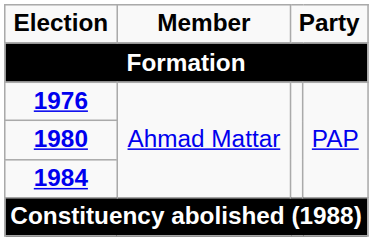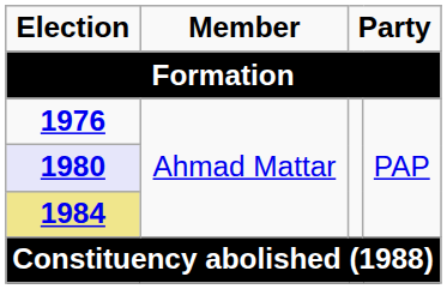 <table class="wikitable" style="text-align:center">
 <tr>
 <td><strong>Election </strong></td>
 <td><strong>Member</strong></td>
 <td colspan="2"><strong>Party</strong></td>
 </tr>
 <tr>
 <td colspan=4 style="background:black; color:white;"><strong>Formation</strong></td>
 </tr>
 <tr>
 <td><strong><a href='#'>1976</a></strong></td>
 <td rowspan="3"><a href='#'>Ahmad Mattar</a></td>
 <td rowspan="3" style="background:"></td>
 <td rowspan="3"><a href='#'>PAP</a></td>
 </tr>
 <tr>
-<td><strong><a href='#'>1980</a></strong></td>
+<td style="background: lavender;"><strong><a href='#'>1980</a></strong></td>
 </tr>
 <tr>
-<td><strong><a href='#'>1984</a></strong></td>
+<td style="background: khaki;"><strong><a href='#'>1984</a></strong></td>
 </tr>
 <tr>
 <td colspan=4 style="background:black; color:white;"><strong>Constituency abolished (1988)</strong></td>
 </tr>
 </table>
